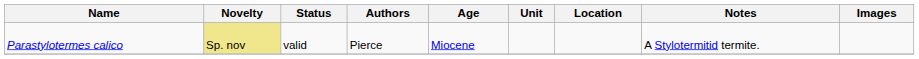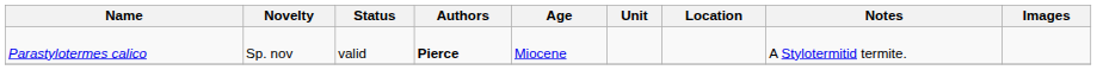 <table class="wikitable sortable" align="center" width="100%">
 <tr>
 <th>Name</th>
 <th>Novelty</th>
 <th>Status</th>
 <th>Authors</th>
 <th>Age</th>
 <th>Unit</th>
 <th>Location</th>
 <th>Notes</th>
 <th>Images</th>
 </tr>
 <tr>
 <td><br><em><a href='#'>Parastylotermes calico</a></em></td>
-<td style="background: khaki;"><br>Sp. nov</td>
+<td><br>Sp. nov</td>
 <td><br>valid</td>
-<td><br>Pierce</td>
+<td><strong><br>Pierce</strong></td>
 <td><br><a href='#'>Miocene</a></td>
 <td></td>
 <td><br></td>
 <td><br>A <a href='#'>Stylotermitid</a> termite.</td>
 <td></td>
 </tr>
 <tr>
 </tr>
 </table>
